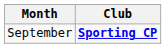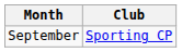 <table class="wikitable" style="font-size:95%">
 <tr>
 <th>Month</th>
 <th>Club</th>
 </tr>
 <tr --->
 <td>September</td>
-<td><strong><a href='#'>Sporting CP</a></strong></td>
+<td><a href='#'>Sporting CP</a></td>
 </tr>
 </table>
